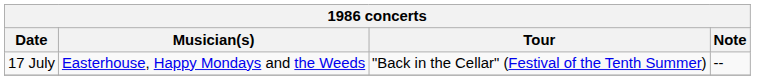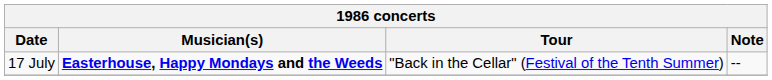 <table class="wikitable collapsible collapsed">
 <tr>
 <th colspan=4>1986 concerts</th>
 </tr>
 <tr>
 <th>Date</th>
 <th>Musician(s)</th>
 <th>Tour</th>
 <th>Note</th>
 </tr>
 <tr>
 <td>17 July</td>
-<td><a href='#'>Easterhouse</a>, <a href='#'>Happy Mondays</a> and <a href='#'>the Weeds</a></td>
+<td><strong><a href='#'>Easterhouse</a>, <a href='#'>Happy Mondays</a> and <a href='#'>the Weeds</a></strong></td>
 <td>"Back in the Cellar" (<a href='#'>Festival of the Tenth Summer</a>)</td>
 <td>--</td>
 </tr>
 <tr>
 </tr>
 </table>
